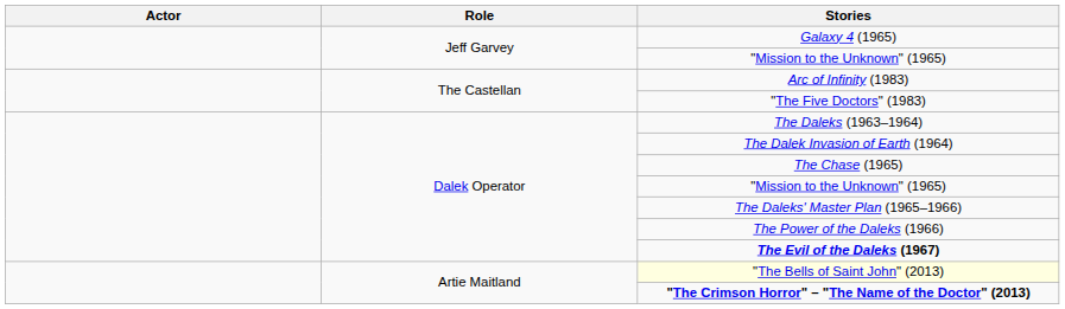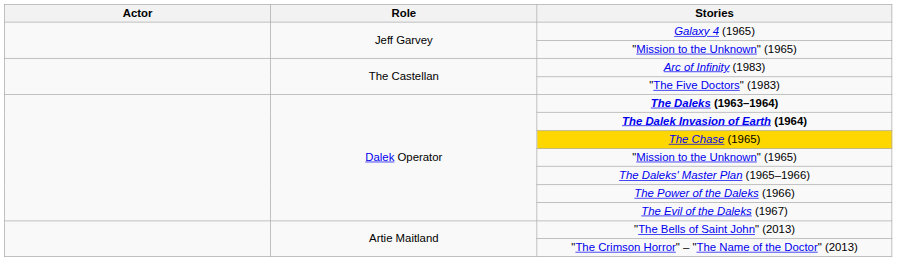 <table class="wikitable plainrowheaders sortable" style="text-align:center; width:99%;">
 <tr>
 <th style="width:30%;">Actor</th>
 <th scope="col" style="width:30%;">Role</th>
 <th scope="col" style="width:40%;">Stories</th>
 </tr>
 <tr>
 <td scope="row" rowspan="2"></td>
 <td rowspan="2">Jeff Garvey</td>
 <td data-sort-value="018"><em><a href='#'>Galaxy 4</a></em> (1965)</td>
 </tr>
 <tr>
 <td data-sort-value="019">"<a href='#'>Mission to the Unknown</a>" (1965)</td>
 </tr>
 <tr>
 <td scope="row" rowspan="2"></td>
 <td rowspan="2">The Castellan</td>
 <td data-sort-value="123"><em><a href='#'>Arc of Infinity</a></em> (1983)</td>
 </tr>
 <tr>
 <td data-sort-value="129">"<a href='#'>The Five Doctors</a>" (1983)</td>
 </tr>
 <tr>
 <td scope="row" rowspan="7"></td>
 <td rowspan="7"><a href='#'>Dalek</a> Operator</td>
-<td data-sort-value="002"><em><a href='#'>The Daleks</a></em> (1963–1964)</td>
+<td data-sort-value="002"><strong><em><a href='#'>The Daleks</a></em> (1963–1964)</strong></td>
 </tr>
 <tr>
-<td data-sort-value="010"><em><a href='#'>The Dalek Invasion of Earth</a></em> (1964)</td>
+<td data-sort-value="010"><strong><em><a href='#'>The Dalek Invasion of Earth</a></em> (1964)</strong></td>
 </tr>
 <tr>
-<td data-sort-value="016"><em><a href='#'>The Chase</a></em> (1965)</td>
+<td data-sort-value="016" style="background: gold;"><em><a href='#'>The Chase</a></em> (1965)</td>
 </tr>
 <tr>
 <td data-sort-value="019">"<a href='#'>Mission to the Unknown</a>" (1965)</td>
 </tr>
 <tr>
 <td data-sort-value="021"><em><a href='#'>The Daleks' Master Plan</a></em> (1965–1966)</td>
 </tr>
 <tr>
 <td data-sort-value="030"><em><a href='#'>The Power of the Daleks</a></em> (1966)</td>
 </tr>
 <tr>
-<td data-sort-value="036"><strong><em><a href='#'>The Evil of the Daleks</a></em> (1967)</strong></td>
+<td data-sort-value="036"><em><a href='#'>The Evil of the Daleks</a></em> (1967)</td>
 </tr>
 <tr>
 <td scope="row" rowspan="2"></td>
 <td rowspan="2">Artie Maitland</td>
-<td data-sort-value="232" style="background: lightyellow;">"<a href='#'>The Bells of Saint John</a>" (2013)</td>
+<td data-sort-value="232">"<a href='#'>The Bells of Saint John</a>" (2013)</td>
 </tr>
 <tr>
-<td data-sort-value="237"><strong>"<a href='#'>The Crimson Horror</a>" – "<a href='#'>The Name of the Doctor</a>" (2013)</strong></td>
+<td data-sort-value="237">"<a href='#'>The Crimson Horror</a>" – "<a href='#'>The Name of the Doctor</a>" (2013)</td>
 </tr>
 </table>
